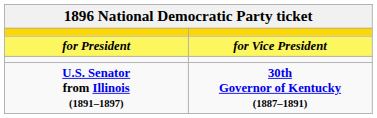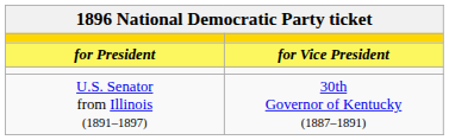 <table class="wikitable" style="font-size:90%; text-align:center;">
 <tr>
 <td style="background:#f1f1f1;" colspan="30"><big><strong>1896 National Democratic Party ticket</strong></big></td>
 </tr>
 <tr>
 <th style="width:3em; font-size:135%; background:#FFD700; width:200px;"><a href='#'></a></th>
 <th style="width:3em; font-size:135%; background:#FFD700; width:200px;"><a href='#'></a></th>
 </tr>
 <tr style="color:#000; font-size:100%; background:#FCF75E;">
 <td style="width:3em; width:200px;"><strong><em>for President</em></strong></td>
 <td style="width:3em; width:200px;"><strong><em>for Vice President</em></strong></td>
 </tr>
 <tr>
 <td></td>
 <td></td>
 </tr>
 <tr>
-<td><strong><a href='#'>U.S. Senator</a><br>from <a href='#'>Illinois</a><br><small>(1891–1897)</small></strong></td>
-<td><strong><a href='#'>30th</a><br><a href='#'>Governor of Kentucky</a><br><small>(1887–1891)</small></strong></td>
+<td><a href='#'>U.S. Senator</a><br>from <a href='#'>Illinois</a><br><small>(1891–1897)</small></td>
+<td><a href='#'>30th</a><br><a href='#'>Governor of Kentucky</a><br><small>(1887–1891)</small></td>
 </tr>
 </table>
